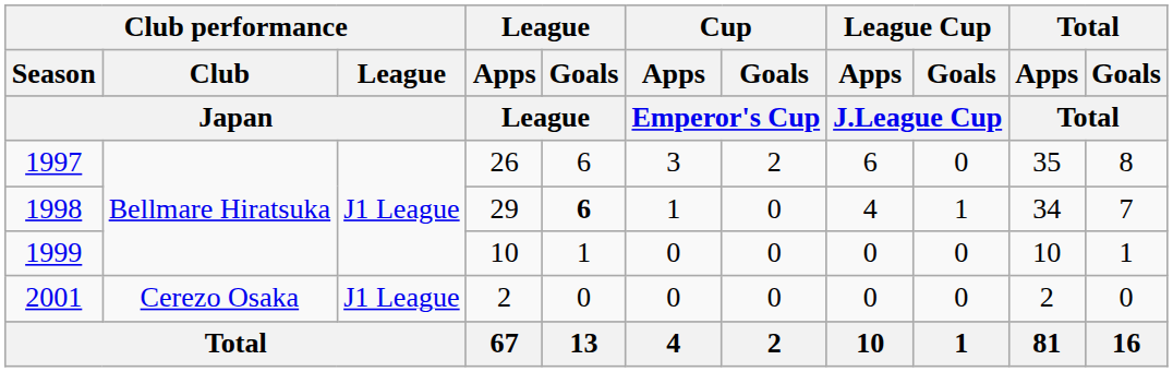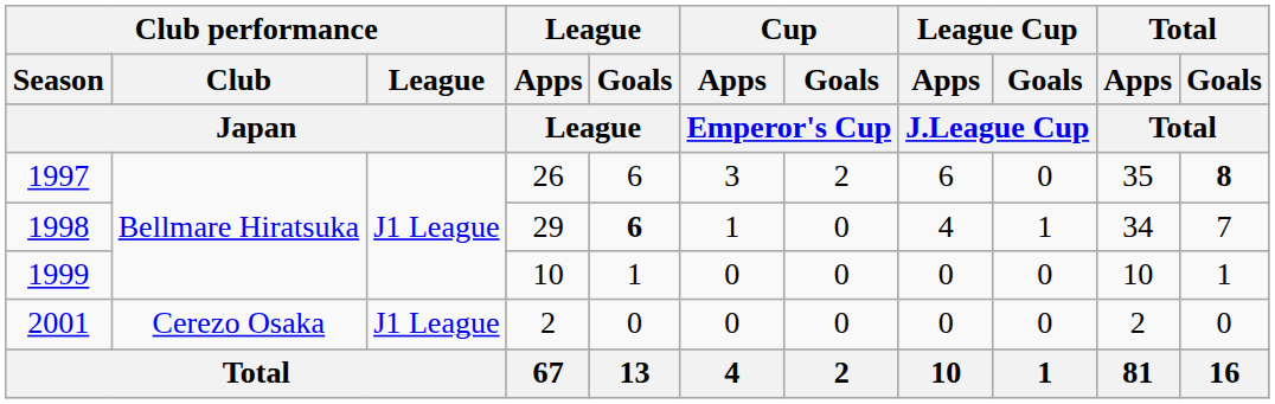 <table class="wikitable" style="text-align:center;">
 <tr>
 <th colspan=3>Club performance</th>
 <th colspan=2>League</th>
 <th colspan=2>Cup</th>
 <th colspan=2>League Cup</th>
 <th colspan=2>Total</th>
 </tr>
 <tr>
 <th>Season</th>
 <th>Club</th>
 <th>League</th>
 <th>Apps</th>
 <th>Goals</th>
 <th>Apps</th>
 <th>Goals</th>
 <th>Apps</th>
 <th>Goals</th>
 <th>Apps</th>
 <th>Goals</th>
 </tr>
 <tr>
 <th colspan=3>Japan</th>
 <th colspan=2>League</th>
 <th colspan=2><a href='#'>Emperor's Cup</a></th>
 <th colspan=2><a href='#'>J.League Cup</a></th>
 <th colspan=2>Total</th>
 </tr>
 <tr>
 <td><a href='#'>1997</a></td>
 <td rowspan="3"><a href='#'>Bellmare Hiratsuka</a></td>
 <td rowspan="3"><a href='#'>J1 League</a></td>
 <td>26</td>
 <td>6</td>
 <td>3</td>
 <td>2</td>
 <td>6</td>
 <td>0</td>
 <td>35</td>
-<td>8</td>
+<td><strong>8</strong></td>
 </tr>
 <tr>
 <td><a href='#'>1998</a></td>
 <td>29</td>
 <td><strong>6</strong></td>
 <td>1</td>
 <td>0</td>
 <td>4</td>
 <td>1</td>
 <td>34</td>
 <td>7</td>
 </tr>
 <tr>
 <td><a href='#'>1999</a></td>
 <td>10</td>
 <td>1</td>
 <td>0</td>
 <td>0</td>
 <td>0</td>
 <td>0</td>
 <td>10</td>
 <td>1</td>
 </tr>
 <tr>
 <td><a href='#'>2001</a></td>
 <td><a href='#'>Cerezo Osaka</a></td>
 <td><a href='#'>J1 League</a></td>
 <td>2</td>
 <td>0</td>
 <td>0</td>
 <td>0</td>
 <td>0</td>
 <td>0</td>
 <td>2</td>
 <td>0</td>
 </tr>
 <tr>
 <th colspan=3>Total</th>
 <th>67</th>
 <th>13</th>
 <th>4</th>
 <th>2</th>
 <th>10</th>
 <th>1</th>
 <th>81</th>
 <th>16</th>
 </tr>
 </table>
